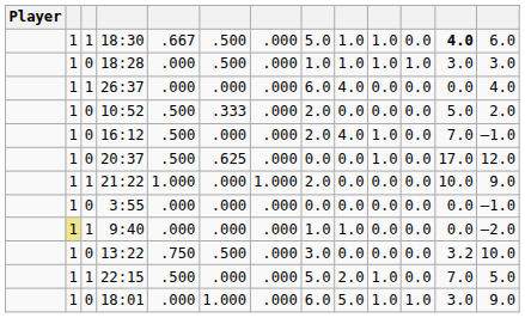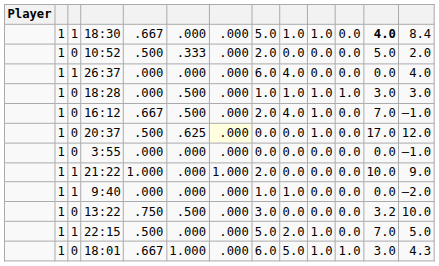 <table class="wikitable sortable" style="font-size:95%; text-align:right;">
 <tr>
 <th>Player</th>
 <th></th>
 <th></th>
 <th></th>
 <th></th>
 <th></th>
 <th></th>
 <th></th>
 <th></th>
 <th></th>
 <th></th>
 <th></th>
 <th></th>
 </tr>
 <tr>
 <td></td>
 <td>1</td>
 <td>1</td>
 <td>18:30</td>
 <td>.667</td>
-<td>.500</td>
+<td>.000</td>
 <td>.000</td>
 <td>5.0</td>
 <td>1.0</td>
 <td>1.0</td>
 <td>0.0</td>
 <td><strong>4.0</strong></td>
-<td>6.0</td>
+<td>8.4</td>
 </tr>
 <tr>
 <td></td>
 <td>1</td>
 <td>0</td>
-<td>18:28</td>
+<td>10:52</td>
+<td>.500</td>
+<td>.333</td>
 <td>.000</td>
-<td>.500</td>
-<td>.000</td>
-<td>1.0</td>
-<td>1.0</td>
-<td>1.0</td>
-<td>1.0</td>
-<td>3.0</td>
-<td>3.0</td>
+<td>2.0</td>
+<td>0.0</td>
+<td>0.0</td>
+<td>0.0</td>
+<td>5.0</td>
+<td>2.0</td>
 </tr>
 <tr>
 <td></td>
 <td>1</td>
 <td>1</td>
 <td>26:37</td>
 <td>.000</td>
 <td>.000</td>
 <td>.000</td>
 <td>6.0</td>
 <td>4.0</td>
 <td>0.0</td>
 <td>0.0</td>
 <td>0.0</td>
 <td>4.0</td>
 </tr>
 <tr>
 <td></td>
 <td>1</td>
 <td>0</td>
-<td>10:52</td>
+<td>18:28</td>
+<td>.000</td>
 <td>.500</td>
-<td>.333</td>
 <td>.000</td>
-<td>2.0</td>
-<td>0.0</td>
-<td>0.0</td>
-<td>0.0</td>
-<td>5.0</td>
-<td>2.0</td>
+<td>1.0</td>
+<td>1.0</td>
+<td>1.0</td>
+<td>1.0</td>
+<td>3.0</td>
+<td>3.0</td>
 </tr>
 <tr>
 <td></td>
 <td>1</td>
 <td>0</td>
 <td>16:12</td>
+<td>.667</td>
 <td>.500</td>
-<td>.000</td>
 <td>.000</td>
 <td>2.0</td>
 <td>4.0</td>
 <td>1.0</td>
 <td>0.0</td>
 <td>7.0</td>
 <td>–1.0</td>
 </tr>
 <tr>
 <td></td>
 <td>1</td>
 <td>0</td>
 <td>20:37</td>
 <td>.500</td>
 <td>.625</td>
-<td>.000</td>
+<td style="background: lightyellow;">.000</td>
 <td>0.0</td>
 <td>0.0</td>
 <td>1.0</td>
 <td>0.0</td>
 <td>17.0</td>
 <td>12.0</td>
+</tr>
+<tr>
+<td></td>
+<td>1</td>
+<td>0</td>
+<td>3:55</td>
+<td>.000</td>
+<td>.000</td>
+<td>.000</td>
+<td>0.0</td>
+<td>0.0</td>
+<td>0.0</td>
+<td>0.0</td>
+<td>0.0</td>
+<td>–1.0</td>
 </tr>
 <tr>
 <td></td>
 <td>1</td>
 <td>1</td>
 <td>21:22</td>
 <td>1.000</td>
 <td>.000</td>
 <td>1.000</td>
 <td>2.0</td>
 <td>0.0</td>
 <td>0.0</td>
 <td>0.0</td>
 <td>10.0</td>
 <td>9.0</td>
 </tr>
 <tr>
 <td></td>
 <td>1</td>
-<td>0</td>
-<td>3:55</td>
-<td>.000</td>
-<td>.000</td>
-<td>.000</td>
-<td>0.0</td>
-<td>0.0</td>
-<td>0.0</td>
-<td>0.0</td>
-<td>0.0</td>
-<td>–1.0</td>
-</tr>
-<tr>
-<td></td>
-<td style="background: khaki;">1</td>
 <td>1</td>
 <td>9:40</td>
 <td>.000</td>
 <td>.000</td>
 <td>.000</td>
 <td>1.0</td>
 <td>1.0</td>
 <td>0.0</td>
 <td>0.0</td>
 <td>0.0</td>
 <td>–2.0</td>
 </tr>
 <tr>
 <td></td>
 <td>1</td>
 <td>0</td>
 <td>13:22</td>
 <td>.750</td>
 <td>.500</td>
 <td>.000</td>
 <td>3.0</td>
 <td>0.0</td>
 <td>0.0</td>
 <td>0.0</td>
 <td>3.2</td>
 <td>10.0</td>
 </tr>
 <tr>
 <td></td>
 <td>1</td>
 <td>1</td>
 <td>22:15</td>
 <td>.500</td>
 <td>.000</td>
 <td>.000</td>
 <td>5.0</td>
 <td>2.0</td>
 <td>1.0</td>
 <td>0.0</td>
 <td>7.0</td>
 <td>5.0</td>
 </tr>
 <tr>
 <td></td>
 <td>1</td>
 <td>0</td>
 <td>18:01</td>
-<td>.000</td>
+<td>.667</td>
 <td>1.000</td>
 <td>.000</td>
 <td>6.0</td>
 <td>5.0</td>
 <td>1.0</td>
 <td>1.0</td>
 <td>3.0</td>
-<td>9.0</td>
+<td>4.3</td>
 </tr>
 </table>
